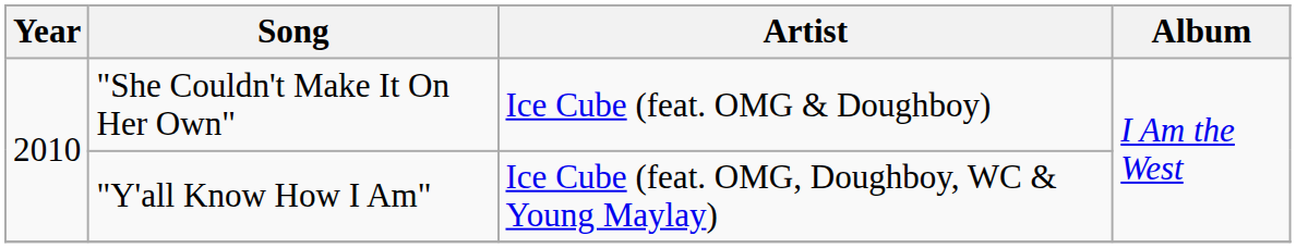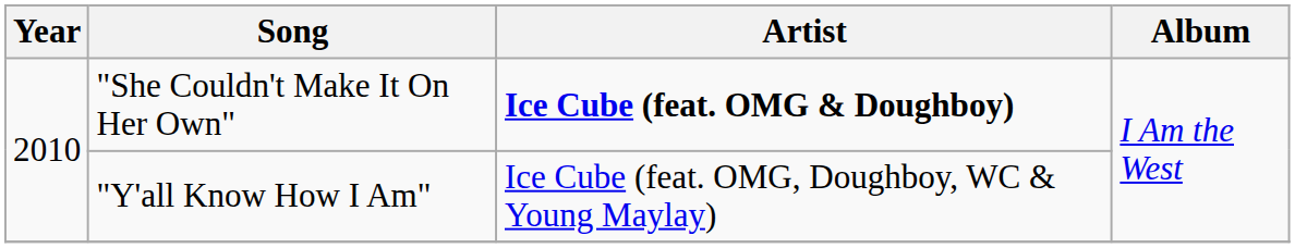 <table class="wikitable">
 <tr>
 <th rowspan="1">Year</th>
 <th rowspan="1">Song</th>
 <th rowspan="1">Artist</th>
 <th rowspan="1">Album</th>
 </tr>
 <tr>
 <td rowspan="2">2010</td>
 <td>"She Couldn't Make It On Her Own"</td>
-<td><a href='#'>Ice Cube</a>  (feat. OMG & Doughboy)</td>
+<td><strong><a href='#'>Ice Cube</a>  (feat. OMG & Doughboy)</strong></td>
 <td rowspan="2"><em><a href='#'>I Am the West</a></em></td>
 </tr>
 <tr>
 <td>"Y'all Know How I Am"</td>
 <td><a href='#'>Ice Cube</a> (feat. OMG, Doughboy, WC & <a href='#'>Young Maylay</a>)</td>
 </tr>
 <tr>
 </tr>
 </table>
